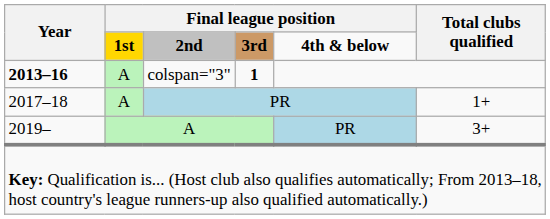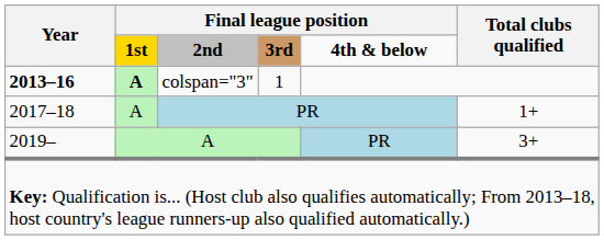 <table class="wikitable mw-collapsible mw-collapsed" style=text-align:center;font-size:85%>
 <tr>
 <th rowspan="2">Year</th>
 <th colspan="4">Final league position</th>
 <th rowspan="2">Total clubs<br>qualified</th>
 </tr>
 <tr>
 <td bgcolor=gold width=25><strong>1st</strong></td>
 <td bgcolor=silver width=25><strong>2nd</strong></td>
 <td bgcolor=#c96 width=25><strong>3rd</strong></td>
 <td><strong>4th & below</strong></td>
 </tr>
 <tr>
 <td align=left><strong>2013–16</strong></td>
-<td bgcolor=#bbf3bb>A</td>
+<td bgcolor=#bbf3bb><strong>A</strong></td>
 <td>colspan="3" </td>
-<td><strong>1</strong></td>
+<td>1</td>
 </tr>
 <tr>
 <td align=left>2017–18</td>
 <td bgcolor=#bbf3bb>A</td>
 <td colspan="3" bgcolor=lightblue>PR</td>
 <td>1+</td>
 </tr>
 <tr>
 <td align=left>2019–</td>
 <td bgcolor=#bbf3bb colspan=3>A</td>
 <td bgcolor=lightblue>PR</td>
 <td>3+</td>
 </tr>
 <tr style="border-top: 3px solid grey">
 <td colspan=6 align=left><br><strong>Key:</strong> Qualification is...      (Host club also qualifies automatically; From 2013–18,<br>host country's league runners-up also qualified automatically.)</td>
 </tr>
 </table>
